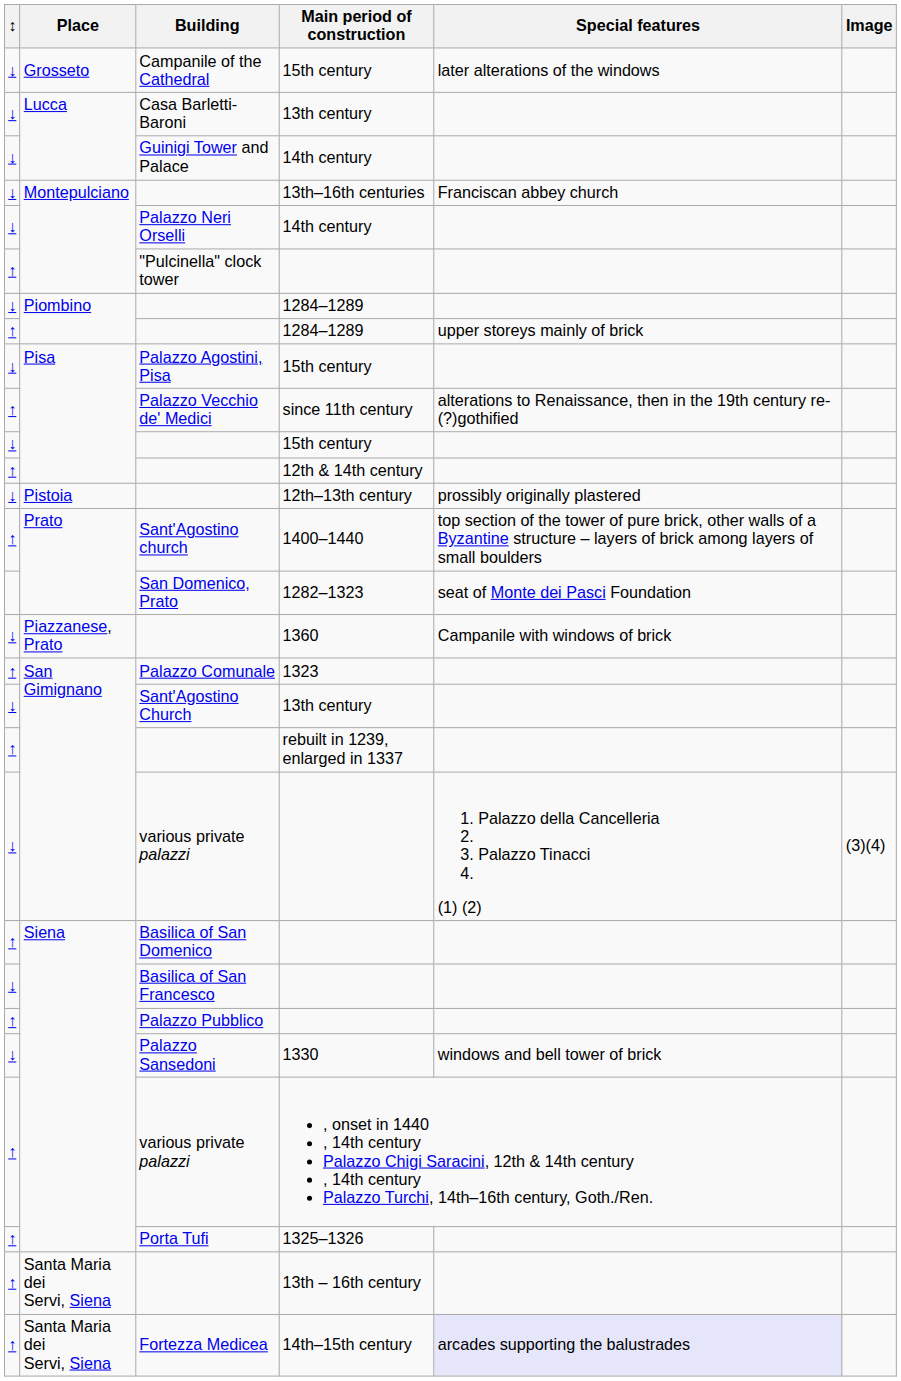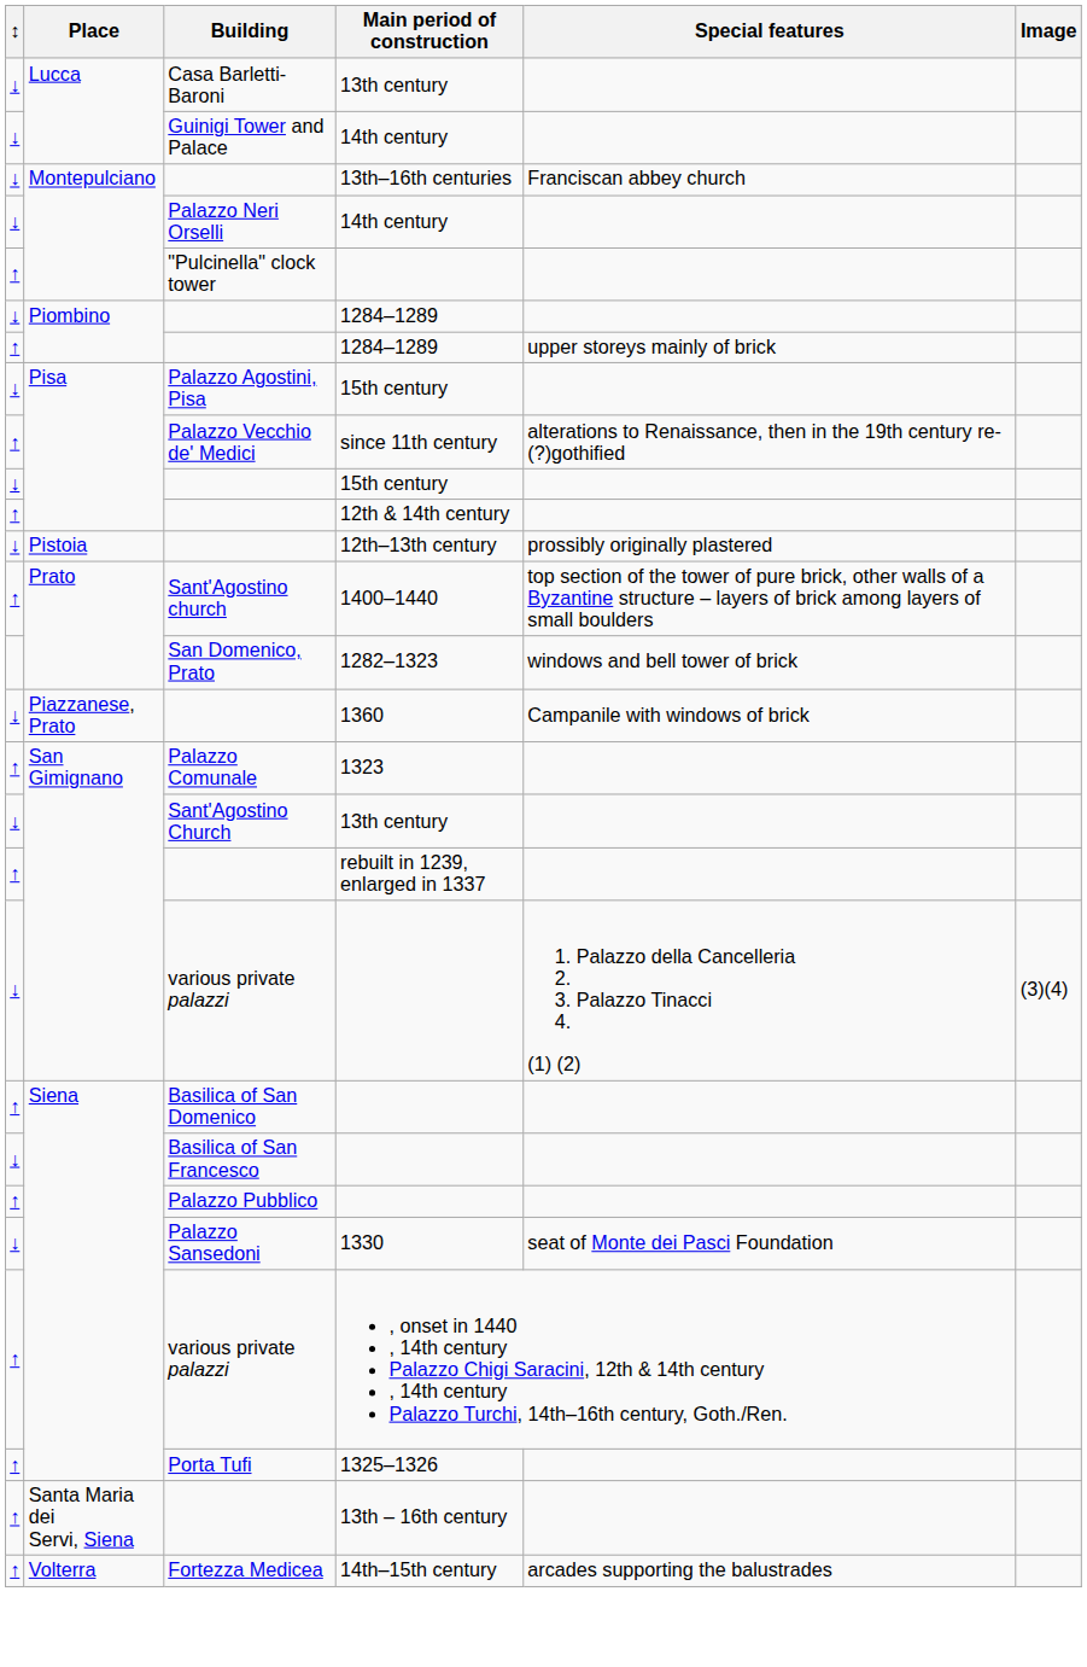 <table class="wikitable"  style="border:2px; width:100%;">
 <tr>
 <th>↕</th>
 <th>Place</th>
 <th>Building</th>
 <th>Main period of construction</th>
 <th>Special features</th>
 <th 100px>Image</th>
-</tr>
-<tr>
-<td><a href='#'>↓</a></td>
-<td><a href='#'>Grosseto</a></td>
-<td>Campanile of the <a href='#'>Cathedral</a></td>
-<td>15th century</td>
-<td>later alterations of the windows</td>
-<td></td>
 </tr>
 <tr>
 <td><a href='#'>↓</a></td>
 <td valign=top rowspan=2><a href='#'>Lucca</a></td>
 <td>Casa Barletti-Baroni</td>
 <td>13th century</td>
 <td></td>
 <td></td>
 </tr>
 <tr>
 <td><a href='#'>↓</a></td>
 <td><a href='#'>Guinigi Tower</a> and Palace</td>
 <td>14th century</td>
 <td></td>
 <td></td>
 </tr>
 <tr>
 <td><a href='#'>↓</a></td>
 <td rowspan=3 valign=top><a href='#'>Montepulciano</a></td>
 <td></td>
 <td>13th–16th centuries</td>
 <td>Franciscan abbey church</td>
 <td></td>
 </tr>
 <tr>
 <td><a href='#'>↓</a></td>
 <td><a href='#'>Palazzo Neri Orselli</a></td>
 <td>14th century</td>
 <td></td>
 <td></td>
 </tr>
 <tr>
 <td><a href='#'>↑</a></td>
 <td>"Pulcinella" clock tower</td>
 <td></td>
 <td></td>
 <td></td>
 </tr>
 <tr>
 <td><a href='#'>↓</a></td>
 <td rowspan=2 valign=top><a href='#'>Piombino</a></td>
 <td></td>
 <td>1284–1289</td>
 <td></td>
 <td></td>
 </tr>
 <tr>
 <td><a href='#'>↑</a></td>
 <td></td>
 <td>1284–1289</td>
 <td>upper storeys mainly of brick</td>
 <td></td>
 </tr>
 <tr>
 <td><a href='#'>↓</a></td>
 <td rowspan=4 valign=top><a href='#'>Pisa</a></td>
 <td><a href='#'>Palazzo Agostini, Pisa</a></td>
 <td>15th century</td>
 <td></td>
 <td></td>
 </tr>
 <tr>
 <td><a href='#'>↑</a></td>
 <td><a href='#'>Palazzo Vecchio de' Medici</a></td>
 <td>since 11th century</td>
 <td>alterations to Renaissance, then in the 19th century re-(?)gothified</td>
 <td></td>
 </tr>
 <tr>
 <td><a href='#'>↓</a></td>
 <td></td>
 <td>15th century</td>
 <td></td>
 <td></td>
 </tr>
 <tr>
 <td><a href='#'>↑</a></td>
 <td></td>
 <td>12th & 14th century</td>
 <td></td>
 <td></td>
 </tr>
 <tr>
 <td><a href='#'>↓</a></td>
 <td><a href='#'>Pistoia</a></td>
 <td></td>
 <td>12th–13th century</td>
 <td>prossibly originally plastered</td>
 <td></td>
 </tr>
 <tr>
 <td><a href='#'>↑</a></td>
 <td rowspan="2" style="vertical-align:top;"><a href='#'>Prato</a></td>
 <td><a href='#'>Sant'Agostino church</a></td>
 <td>1400–1440</td>
 <td>top section of the tower of pure brick, other walls of a <a href='#'>Byzantine</a> structure – layers of brick among layers of small boulders</td>
 <td></td>
 </tr>
 <tr>
 <td></td>
 <td><a href='#'>San Domenico, Prato</a></td>
 <td>1282–1323</td>
-<td>seat of <a href='#'>Monte dei Pasci</a> Foundation</td>
+<td>windows and bell tower of brick</td>
 <td></td>
 </tr>
 <tr>
 <td><a href='#'>↓</a></td>
 <td><a href='#'>Piazzanese</a>,<br><a href='#'>Prato</a></td>
 <td></td>
 <td>1360</td>
 <td>Campanile with windows of brick</td>
 <td></td>
 </tr>
 <tr>
 <td><a href='#'>↑</a></td>
 <td rowspan=4 valign=top><a href='#'>San Gimignano</a></td>
 <td><a href='#'>Palazzo Comunale</a></td>
 <td>1323</td>
 <td></td>
 <td></td>
 </tr>
 <tr>
 <td><a href='#'>↓</a></td>
 <td><a href='#'>Sant'Agostino Church</a></td>
 <td>13th century</td>
 <td></td>
 <td></td>
 </tr>
 <tr>
 <td><a href='#'>↑</a></td>
 <td></td>
 <td>rebuilt in 1239, enlarged in 1337</td>
 <td></td>
 <td></td>
 </tr>
 <tr>
 <td><a href='#'>↓</a></td>
 <td>various private <em>palazzi</em></td>
 <td></td>
 <td><br><ol><li>Palazzo della Cancelleria</li><li></li><li>Palazzo Tinacci</li><li></li></ol>(1) (2)</td>
 <td>(3)(4)</td>
 </tr>
 <tr>
 <td><a href='#'>↑</a></td>
 <td valign=top rowspan=6><a href='#'>Siena</a></td>
 <td><a href='#'>Basilica of San Domenico</a></td>
 <td></td>
 <td></td>
 <td></td>
 </tr>
 <tr>
 <td><a href='#'>↓</a></td>
 <td><a href='#'>Basilica of San Francesco</a></td>
 <td></td>
 <td></td>
 <td></td>
 </tr>
 <tr>
 <td><a href='#'>↑</a></td>
 <td><a href='#'>Palazzo Pubblico</a></td>
 <td></td>
 <td></td>
 <td></td>
 </tr>
 <tr>
 <td><a href='#'>↓</a></td>
 <td><a href='#'>Palazzo Sansedoni</a></td>
 <td>1330</td>
-<td>windows and bell tower of brick</td>
+<td>seat of <a href='#'>Monte dei Pasci</a> Foundation</td>
 <td></td>
 </tr>
 <tr>
 <td><a href='#'>↑</a></td>
 <td>various private <em>palazzi</em></td>
 <td colspan=2><br><ul><li>, onset in 1440</li><li>, 14th century</li><li><a href='#'>Palazzo Chigi Saracini</a>, 12th & 14th century</li><li>, 14th century</li><li><a href='#'>Palazzo Turchi</a>, 14th–16th century, Goth./Ren.</li></ul></td>
 <td></td>
 </tr>
 <tr>
 <td><a href='#'>↑</a></td>
 <td><a href='#'>Porta Tufi</a></td>
 <td>1325–1326</td>
 <td></td>
 <td></td>
 </tr>
 <tr>
 <td><a href='#'>↑</a></td>
 <td>Santa Maria dei<br>Servi, <a href='#'>Siena</a></td>
 <td></td>
 <td>13th – 16th century</td>
 <td></td>
 <td></td>
 </tr>
 <tr>
 <td><a href='#'>↑</a></td>
-<td>Santa Maria dei<br>Servi, <a href='#'>Siena</a></td>
+<td><a href='#'>Volterra</a></td>
 <td><a href='#'>Fortezza Medicea</a></td>
 <td>14th–15th century</td>
-<td style="background: lavender;">arcades supporting the balustrades</td>
+<td>arcades supporting the balustrades</td>
 <td></td>
 </tr>
 </table>
